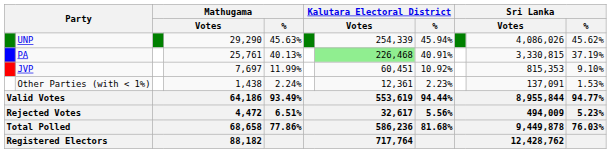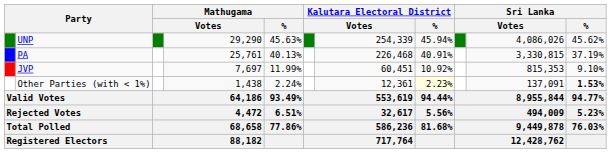 <table class="wikitable">
 <tr>
 <th colspan="2" width="144px"rowspan="2">Party</th>
 <th colspan="3" width="216px">Mathugama</th>
 <th colspan="3" width="216px"><a href='#'>Kalutara Electoral District</a></th>
 <th colspan="3" width="216px">Sri Lanka</th>
 </tr>
 <tr>
 <th colspan="2" width="144px">Votes</th>
 <th>%</th>
 <th colspan="2" width="144px">Votes</th>
 <th>%</th>
 <th colspan="2" width="144px">Votes</th>
 <th>%</th>
 </tr>
 <tr>
 <td style="background-color:green;" width="10px"></td>
 <td style="text-align:left;"><a href='#'>UNP</a></td>
 <td style="background-color:green;" width="10px"></td>
 <td style="text-align:right;">29,290</td>
 <td style="text-align:right;">45.63%</td>
 <td style="background-color:green;" width="10px"></td>
 <td style="text-align:right;">254,339</td>
 <td style="text-align:right;">45.94%</td>
 <td style="background-color:green;" width="10px"></td>
 <td style="text-align:right;">4,086,026</td>
 <td style="text-align:right;">45.62%</td>
 </tr>
 <tr>
 <td style="background-color:blue;" width="10px"></td>
 <td style="text-align:left;"><a href='#'>PA</a></td>
 <td style="background-color:white;" width="10px"></td>
 <td style="text-align:right;">25,761</td>
 <td style="text-align:right;">40.13%</td>
 <td style="background-color:white;" width="10px"></td>
-<td style="background: lightgreen; text-align:right;">226,468</td>
+<td style="text-align:right;">226,468</td>
 <td style="text-align:right;">40.91%</td>
 <td style="background-color:white;" width="10px"></td>
 <td style="text-align:right;">3,330,815</td>
 <td style="text-align:right;">37.19%</td>
 </tr>
 <tr>
 <td style="background-color:red;" width="10px"></td>
 <td style="text-align:left;"><a href='#'>JVP</a></td>
 <td style="background-color:white;" width="10px"></td>
 <td style="text-align:right;">7,697</td>
 <td style="text-align:right;">11.99%</td>
 <td style="background-color:white;" width="10px"></td>
 <td style="text-align:right;">60,451</td>
 <td style="text-align:right;">10.92%</td>
 <td style="background-color:white;" width="10px"></td>
 <td style="text-align:right;">815,353</td>
 <td style="text-align:right;">9.10%</td>
 </tr>
 <tr>
 <td style="background-color:white;" width="10px"></td>
 <td style="text-align:left;">Other Parties (with < 1%)</td>
 <td style="background-color:white;" width="10px"></td>
 <td style="text-align:right;">1,438</td>
 <td style="text-align:right;">2.24%</td>
 <td style="background-color:white;" width="10px"></td>
 <td style="text-align:right;">12,361</td>
-<td style="text-align:right;">2.23%</td>
+<td style="background: lightyellow; text-align:right;">2.23%</td>
 <td style="background-color:white;" width="10px"></td>
 <td style="text-align:right;">137,091</td>
-<td style="text-align:right;">1.53%</td>
+<td style="text-align:right;"><strong>1.53%</strong></td>
 </tr>
 <tr>
 <th colspan="2" width="144px"style="text-align:left;">Valid Votes</th>
 <th style="text-align:right;"colspan="2" width="144px">64,186</th>
 <th style="text-align:right;">93.49%</th>
 <th style="text-align:right;"colspan="2" width="144px">553,619</th>
 <th style="text-align:right;">94.44%</th>
 <th style="text-align:right;"colspan="2" width="144px">8,955,844</th>
 <th style="text-align:right;">94.77%</th>
 </tr>
 <tr>
 <th colspan="2" width="144px"style="text-align:left;">Rejected Votes</th>
 <th style="text-align:right;"colspan="2" width="144px">4,472</th>
 <th style="text-align:right;">6.51%</th>
 <th style="text-align:right;"colspan="2" width="144px">32,617</th>
 <th style="text-align:right;">5.56%</th>
 <th style="text-align:right;"colspan="2" width="144px">494,009</th>
 <th style="text-align:right;">5.23%</th>
 </tr>
 <tr>
 <th colspan="2" width="144px"style="text-align:left;">Total Polled</th>
 <th style="text-align:right;"colspan="2" width="144px">68,658</th>
 <th style="text-align:right;">77.86%</th>
 <th style="text-align:right;"colspan="2" width="144px">586,236</th>
 <th style="text-align:right;">81.68%</th>
 <th style="text-align:right;"colspan="2" width="144px">9,449,878</th>
 <th style="text-align:right;">76.03%</th>
 </tr>
 <tr>
 <th colspan="2" width="144px"style="text-align:left;">Registered Electors</th>
 <th style="text-align:right;"colspan="2" width="144px">88,182</th>
 <th></th>
 <th style="text-align:right;"colspan="2" width="144px">717,764</th>
 <th></th>
 <th style="text-align:right;"colspan="2" width="144px">12,428,762</th>
 <th></th>
 </tr>
 </table>
